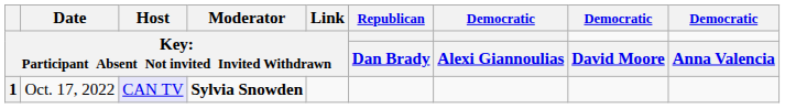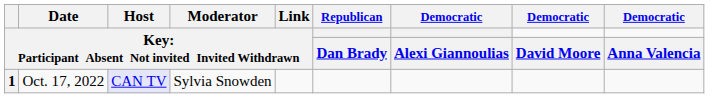 <table class="wikitable" style="text-align:center;">
 <tr>
 <th scope="col"></th>
 <th scope="col">Date</th>
 <th scope="col">Host</th>
 <th scope="col">Moderator</th>
 <th scope="col">Link</th>
 <th scope="col"><small><a href='#'>Republican</a></small></th>
 <th scope="col"><small><a href='#'>Democratic</a></small></th>
 <th scope="col"><small><a href='#'>Democratic</a></small></th>
 <th scope="col"><small><a href='#'>Democratic</a></small></th>
 </tr>
 <tr>
 <th colspan="5" rowspan="2">Key:<br> <small>Participant </small>  <small>Absent </small>  <small>Not invited </small>  <small>Invited  Withdrawn</small></th>
 <th scope="col" style="background:"></th>
 <th scope="col" style="background:"></th>
 <td ! scope="col" style="background:"></td>
 <td ! scope="col" style="background:"></td>
 </tr>
 <tr>
 <th scope="col"><a href='#'>Dan Brady</a></th>
 <th scope="col"><a href='#'>Alexi Giannoulias</a></th>
 <th scope="col"><a href='#'>David Moore</a></th>
 <th scope="col"><a href='#'>Anna Valencia</a></th>
 </tr>
 <tr>
 <th>1</th>
 <td style="white-space:nowrap;">Oct. 17, 2022</td>
 <td style="background: lavender; white-space:nowrap;"><a href='#'>CAN TV</a></td>
-<td style="white-space:nowrap;"><strong>Sylvia Snowden</strong></td>
+<td style="white-space:nowrap;">Sylvia Snowden</td>
 <td style="white-space:nowrap;"></td>
 <td></td>
 <td></td>
 <td></td>
 <td></td>
 </tr>
 </table>
